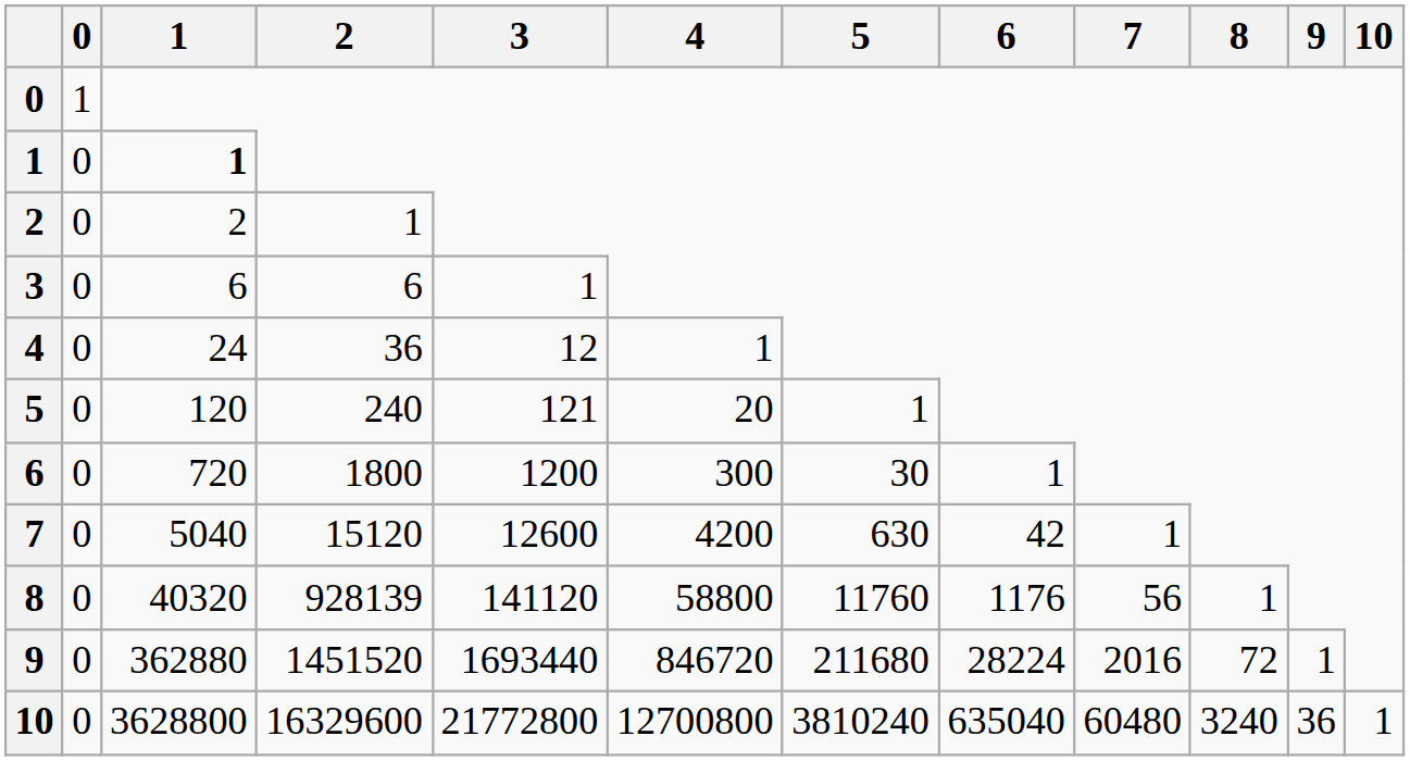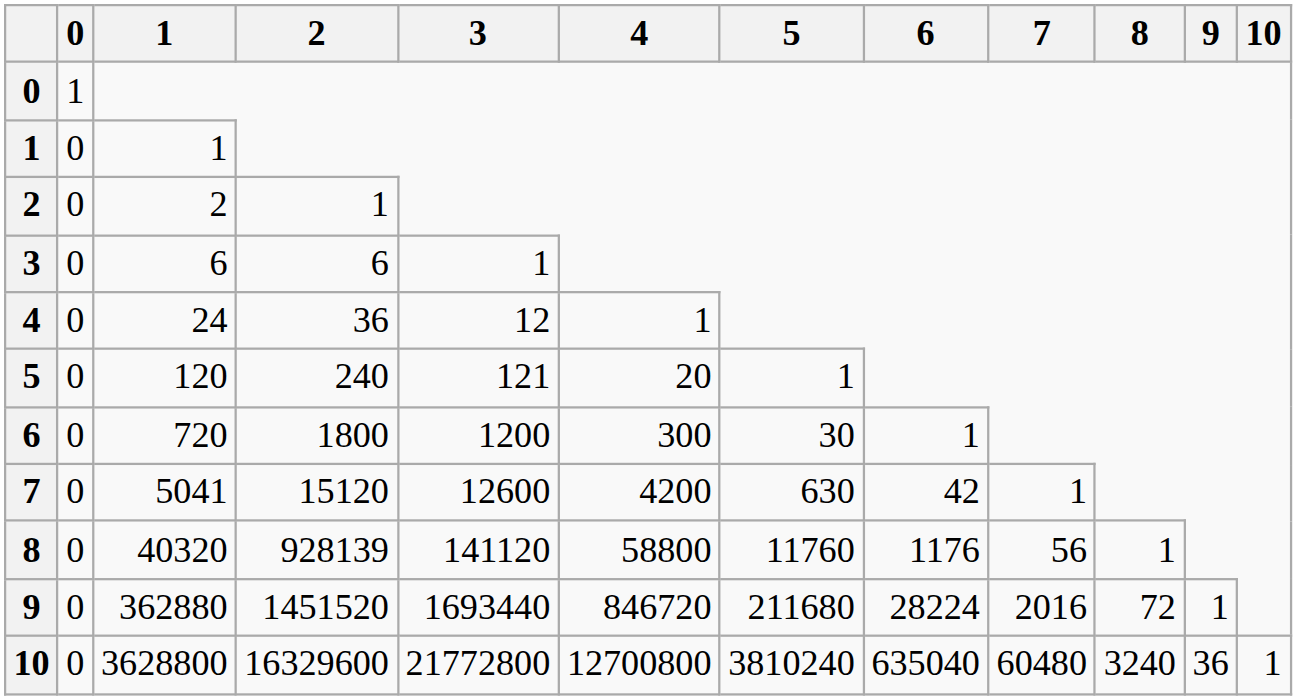 <table class="wikitable" style="text-align:right;">
 <tr>
 <th></th>
 <th>0</th>
 <th>1</th>
 <th>2</th>
 <th>3</th>
 <th>4</th>
 <th>5</th>
 <th>6</th>
 <th>7</th>
 <th>8</th>
 <th>9</th>
 <th>10</th>
 </tr>
 <tr>
 <th>0</th>
 <td>1</td>
 </tr>
 <tr>
 <th>1</th>
 <td>0</td>
-<td><strong>1</strong></td>
+<td>1</td>
 </tr>
 <tr>
 <th>2</th>
 <td>0</td>
 <td>2</td>
 <td>1</td>
 </tr>
 <tr>
 <th>3</th>
 <td>0</td>
 <td>6</td>
 <td>6</td>
 <td>1</td>
 </tr>
 <tr>
 <th>4</th>
 <td>0</td>
 <td>24</td>
 <td>36</td>
 <td>12</td>
 <td>1</td>
 </tr>
 <tr>
 <th>5</th>
 <td>0</td>
 <td>120</td>
 <td>240</td>
 <td>121</td>
 <td>20</td>
 <td>1</td>
 </tr>
 <tr>
 <th>6</th>
 <td>0</td>
 <td>720</td>
 <td>1800</td>
 <td>1200</td>
 <td>300</td>
 <td>30</td>
 <td>1</td>
 </tr>
 <tr>
 <th>7</th>
 <td>0</td>
-<td>5040</td>
+<td>5041</td>
 <td>15120</td>
 <td>12600</td>
 <td>4200</td>
 <td>630</td>
 <td>42</td>
 <td>1</td>
 </tr>
 <tr>
 <th>8</th>
 <td>0</td>
 <td>40320</td>
 <td>928139</td>
 <td>141120</td>
 <td>58800</td>
 <td>11760</td>
 <td>1176</td>
 <td>56</td>
 <td>1</td>
 </tr>
 <tr>
 <th>9</th>
 <td>0</td>
 <td>362880</td>
 <td>1451520</td>
 <td>1693440</td>
 <td>846720</td>
 <td>211680</td>
 <td>28224</td>
 <td>2016</td>
 <td>72</td>
 <td>1</td>
 </tr>
 <tr>
 <th>10</th>
 <td>0</td>
 <td>3628800</td>
 <td>16329600</td>
 <td>21772800</td>
 <td>12700800</td>
 <td>3810240</td>
 <td>635040</td>
 <td>60480</td>
 <td>3240</td>
 <td>36</td>
 <td>1</td>
 </tr>
 </table>
